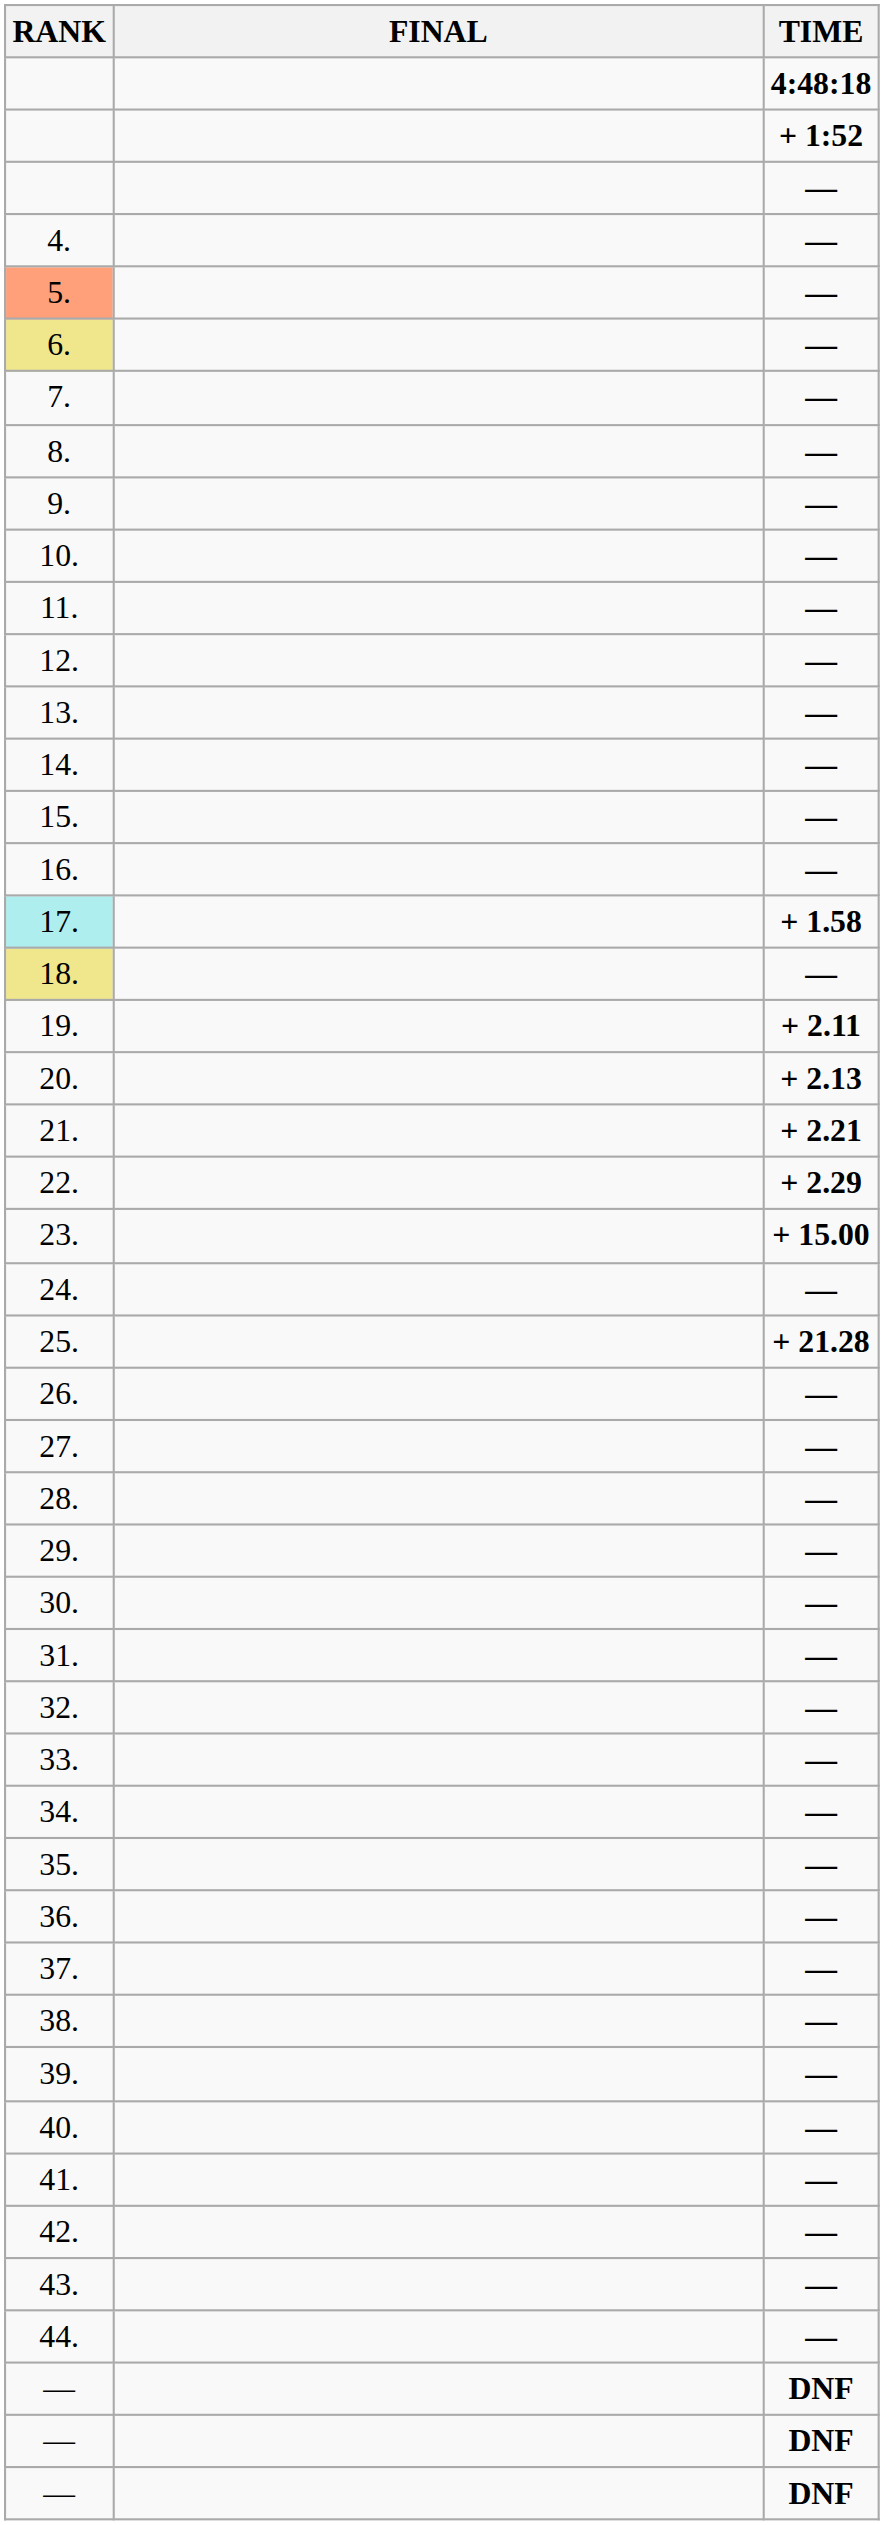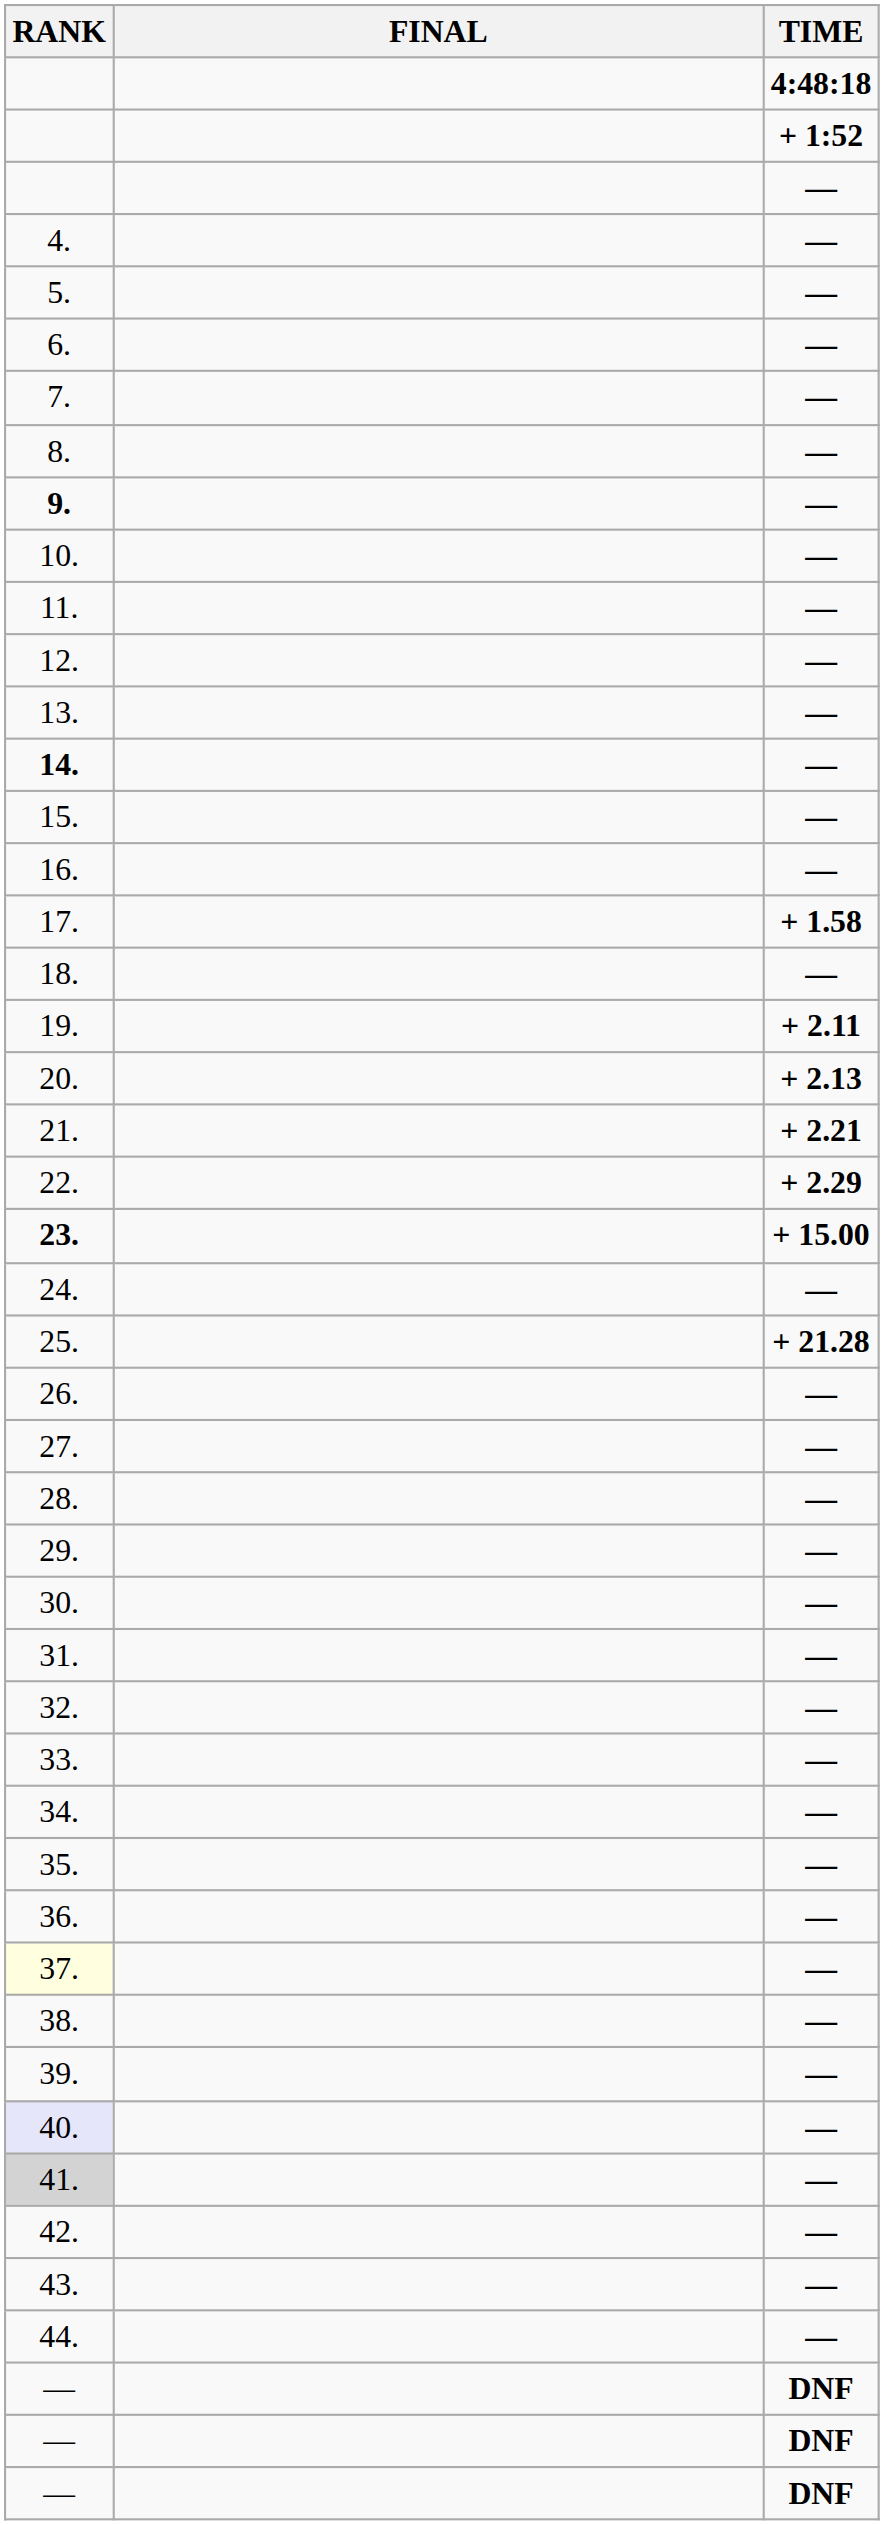 <table class="wikitable" style="font-size:95%;">
 <tr>
 <th>RANK</th>
 <th align="left" style="width: 20em">FINAL</th>
 <th>TIME</th>
 </tr>
 <tr>
 <td align="center"></td>
 <td></td>
 <td align="center"><strong>4:48:18</strong></td>
 </tr>
 <tr>
 <td align="center"></td>
 <td></td>
 <td align="center"><strong>+ 1:52</strong></td>
 </tr>
 <tr>
 <td align="center"></td>
 <td></td>
 <td align="center"><strong>—</strong></td>
 </tr>
 <tr>
 <td align="center">4.</td>
 <td></td>
 <td align="center"><strong>—</strong></td>
 </tr>
 <tr>
-<td align="center" style="background: lightsalmon;">5.</td>
+<td align="center">5.</td>
 <td></td>
 <td align="center"><strong>—</strong></td>
 </tr>
 <tr>
-<td align="center" style="background: khaki;">6.</td>
+<td align="center">6.</td>
 <td></td>
 <td align="center"><strong>—</strong></td>
 </tr>
 <tr>
 <td align="center">7.</td>
 <td></td>
 <td align="center"><strong>—</strong></td>
 </tr>
 <tr>
 <td align="center">8.</td>
 <td></td>
 <td align="center"><strong>—</strong></td>
 </tr>
 <tr>
-<td align="center">9.</td>
+<td align="center"><strong>9.</strong></td>
 <td></td>
 <td align="center"><strong>—</strong></td>
 </tr>
 <tr>
 <td align="center">10.</td>
 <td></td>
 <td align="center"><strong>—</strong></td>
 </tr>
 <tr>
 <td align="center">11.</td>
 <td></td>
 <td align="center"><strong>—</strong></td>
 </tr>
 <tr>
 <td align="center">12.</td>
 <td></td>
 <td align="center"><strong>—</strong></td>
 </tr>
 <tr>
 <td align="center">13.</td>
 <td></td>
 <td align="center"><strong>—</strong></td>
 </tr>
 <tr>
-<td align="center">14.</td>
+<td align="center"><strong>14.</strong></td>
 <td></td>
 <td align="center"><strong>—</strong></td>
 </tr>
 <tr>
 <td align="center">15.</td>
 <td></td>
 <td align="center"><strong>—</strong></td>
 </tr>
 <tr>
 <td align="center">16.</td>
 <td></td>
 <td align="center"><strong>—</strong></td>
 </tr>
 <tr>
-<td align="center" style="background: paleturquoise;">17.</td>
+<td align="center">17.</td>
 <td></td>
 <td align="center"><strong>+ 1.58</strong></td>
 </tr>
 <tr>
-<td align="center" style="background: khaki;">18.</td>
+<td align="center">18.</td>
 <td></td>
 <td align="center"><strong>—</strong></td>
 </tr>
 <tr>
 <td align="center">19.</td>
 <td></td>
 <td align="center"><strong>+ 2.11</strong></td>
 </tr>
 <tr>
 <td align="center">20.</td>
 <td></td>
 <td align="center"><strong>+ 2.13</strong></td>
 </tr>
 <tr>
 <td align="center">21.</td>
 <td></td>
 <td align="center"><strong>+ 2.21</strong></td>
 </tr>
 <tr>
 <td align="center">22.</td>
 <td></td>
 <td align="center"><strong>+ 2.29</strong></td>
 </tr>
 <tr>
-<td align="center">23.</td>
+<td align="center"><strong>23.</strong></td>
 <td></td>
 <td align="center"><strong>+ 15.00</strong></td>
 </tr>
 <tr>
 <td align="center">24.</td>
 <td></td>
 <td align="center"><strong>—</strong></td>
 </tr>
 <tr>
 <td align="center">25.</td>
 <td></td>
 <td align="center"><strong>+ 21.28</strong></td>
 </tr>
 <tr>
 <td align="center">26.</td>
 <td></td>
 <td align="center"><strong>—</strong></td>
 </tr>
 <tr>
 <td align="center">27.</td>
 <td></td>
 <td align="center"><strong>—</strong></td>
 </tr>
 <tr>
 <td align="center">28.</td>
 <td></td>
 <td align="center"><strong>— </strong></td>
 </tr>
 <tr>
 <td align="center">29.</td>
 <td></td>
 <td align="center"><strong>—</strong></td>
 </tr>
 <tr>
 <td align="center">30.</td>
 <td></td>
 <td align="center"><strong>—</strong></td>
 </tr>
 <tr>
 <td align="center">31.</td>
 <td></td>
 <td align="center"><strong>—</strong></td>
 </tr>
 <tr>
 <td align="center">32.</td>
 <td></td>
 <td align="center"><strong>—</strong></td>
 </tr>
 <tr>
 <td align="center">33.</td>
 <td></td>
 <td align="center"><strong>—</strong></td>
 </tr>
 <tr>
 <td align="center">34.</td>
 <td></td>
 <td align="center"><strong>—</strong></td>
 </tr>
 <tr>
 <td align="center">35.</td>
 <td></td>
 <td align="center"><strong>—</strong></td>
 </tr>
 <tr>
 <td align="center">36.</td>
 <td></td>
 <td align="center"><strong>—</strong></td>
 </tr>
 <tr>
-<td align="center">37.</td>
+<td align="center" style="background: lightyellow;">37.</td>
 <td></td>
 <td align="center"><strong>—</strong></td>
 </tr>
 <tr>
 <td align="center">38.</td>
 <td></td>
 <td align="center"><strong>—</strong></td>
 </tr>
 <tr>
 <td align="center">39.</td>
 <td></td>
 <td align="center"><strong>—</strong></td>
 </tr>
 <tr>
-<td align="center">40.</td>
+<td align="center" style="background: lavender;">40.</td>
 <td></td>
 <td align="center"><strong>—</strong></td>
 </tr>
 <tr>
-<td align="center">41.</td>
+<td align="center" style="background: lightgrey;">41.</td>
 <td></td>
 <td align="center"><strong>—</strong></td>
 </tr>
 <tr>
 <td align="center">42.</td>
 <td></td>
 <td align="center"><strong>—</strong></td>
 </tr>
 <tr>
 <td align="center">43.</td>
 <td></td>
 <td align="center"><strong>—</strong></td>
 </tr>
 <tr>
 <td align="center">44.</td>
 <td></td>
 <td align="center"><strong>—</strong></td>
 </tr>
 <tr>
 <td align="center">—</td>
 <td></td>
 <td align="center"><strong>DNF</strong></td>
 </tr>
 <tr>
 <td align="center">—</td>
 <td></td>
 <td align="center"><strong>DNF</strong></td>
 </tr>
 <tr>
 <td align="center">—</td>
 <td></td>
 <td align="center"><strong>DNF</strong></td>
 </tr>
 </table>
